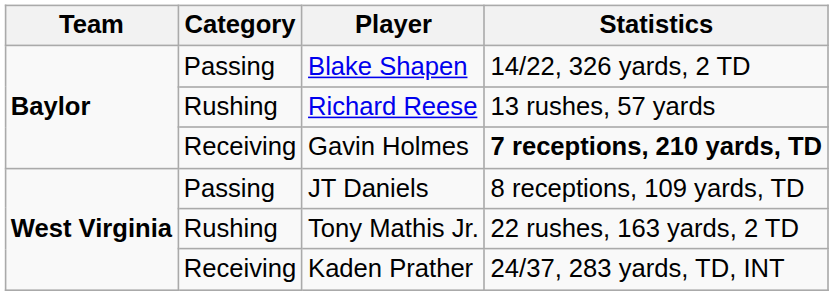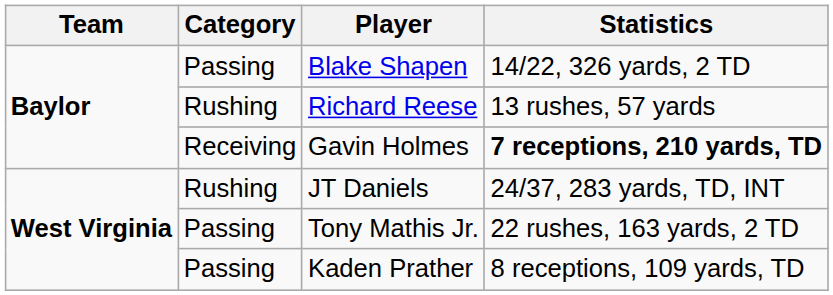 <table class="wikitable" style="float: right;">
 <tr>
 <th>Team</th>
 <th>Category</th>
 <th>Player</th>
 <th>Statistics</th>
 </tr>
 <tr>
 <td rowspan=3><strong>Baylor</strong></td>
 <td>Passing</td>
 <td><a href='#'>Blake Shapen</a></td>
 <td>14/22, 326 yards, 2 TD</td>
 </tr>
 <tr>
 <td>Rushing</td>
 <td><a href='#'>Richard Reese</a></td>
 <td>13 rushes, 57 yards</td>
 </tr>
 <tr>
 <td>Receiving</td>
 <td>Gavin Holmes</td>
 <td><strong>7 receptions, 210 yards, TD</strong></td>
 </tr>
 <tr>
 <td rowspan=3><strong>West Virginia</strong></td>
-<td>Passing</td>
+<td>Rushing</td>
 <td>JT Daniels</td>
-<td>8 receptions, 109 yards, TD</td>
+<td>24/37, 283 yards, TD, INT</td>
 </tr>
 <tr>
-<td>Rushing</td>
+<td>Passing</td>
 <td>Tony Mathis Jr.</td>
 <td>22 rushes, 163 yards, 2 TD</td>
 </tr>
 <tr>
-<td>Receiving</td>
+<td>Passing</td>
 <td>Kaden Prather</td>
-<td>24/37, 283 yards, TD, INT</td>
+<td>8 receptions, 109 yards, TD</td>
 </tr>
 </table>
